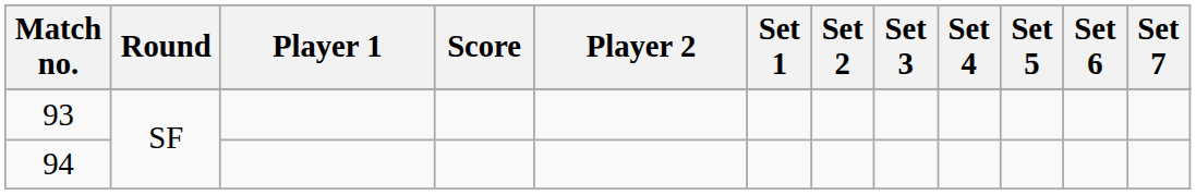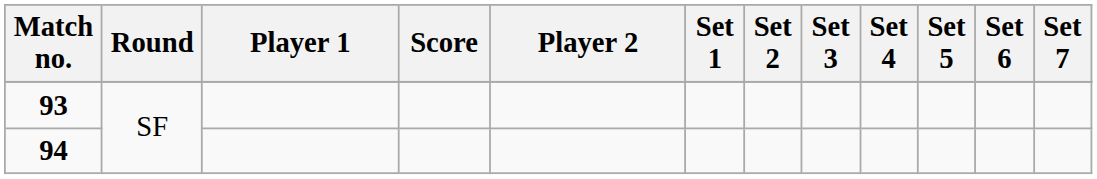 <table class="wikitable">
 <tr>
 <th width="2%">Match no.</th>
 <th width="2%">Round</th>
 <th width="15%">Player 1</th>
 <th width="5%">Score</th>
 <th width="15%">Player 2</th>
 <th width="3%">Set 1</th>
 <th width="3%">Set 2</th>
 <th width="3%">Set 3</th>
 <th width="3%">Set 4</th>
 <th width="3%">Set 5</th>
 <th width="3%">Set 6</th>
 <th width="3%">Set 7</th>
 </tr>
 <tr>
 </tr>
 <tr style=text-align:center;>
-<td>93</td>
+<td><strong>93</strong></td>
 <td rowspan=2>SF</td>
 <td></td>
 <td></td>
 <td></td>
 <td></td>
 <td></td>
 <td></td>
 <td></td>
 <td></td>
 <td></td>
 <td></td>
 </tr>
 <tr style=text-align:center;>
-<td>94</td>
+<td><strong>94</strong></td>
 <td></td>
 <td></td>
 <td></td>
 <td></td>
 <td></td>
 <td></td>
 <td></td>
 <td></td>
 <td></td>
 <td></td>
 </tr>
 </table>
